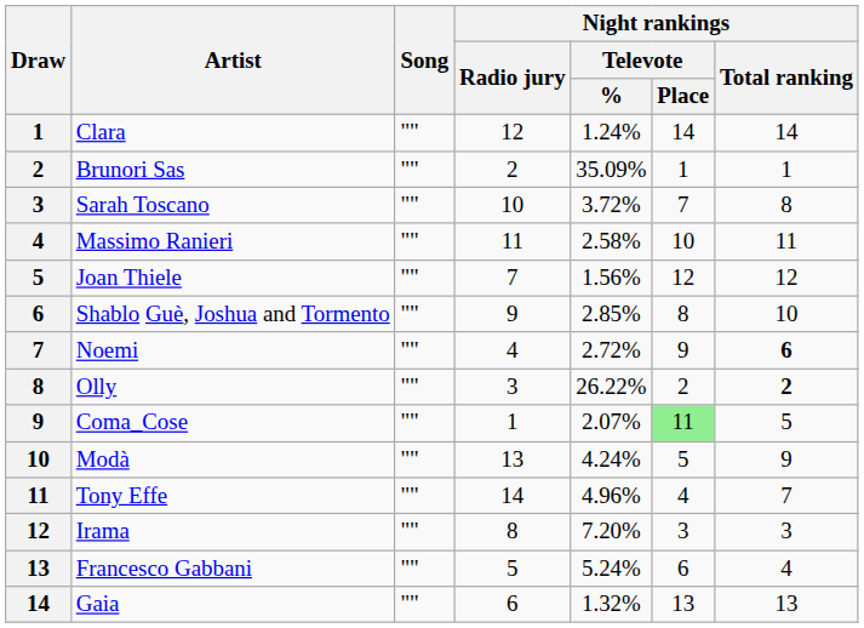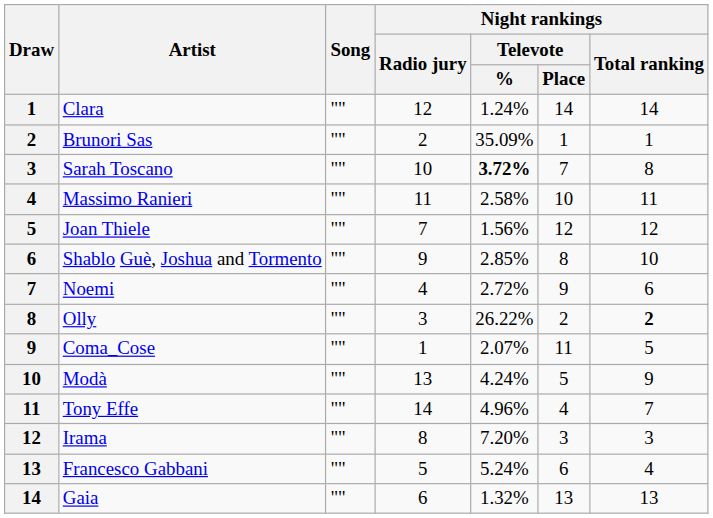 <table class="wikitable sortable plainrowheaders" style="text-align:center">
 <tr>
 <th rowspan="3">Draw</th>
 <th rowspan="3">Artist</th>
 <th rowspan="3">Song</th>
 <th colspan="4" class="unsortable">Night rankings</th>
 </tr>
 <tr>
 <th rowspan="2">Radio jury</th>
 <th colspan="2">Televote</th>
 <th rowspan="2">Total ranking</th>
 </tr>
 <tr>
 <th>%</th>
 <th>Place</th>
 </tr>
 <tr>
 <th scope="row" style="text-align:center">1</th>
 <td align="left"><a href='#'>Clara</a></td>
 <td align="left">""</td>
 <td>12</td>
 <td>1.24%</td>
 <td>14</td>
 <td>14</td>
 </tr>
 <tr>
 <th scope="row" style="text-align:center">2</th>
 <td align="left"><a href='#'>Brunori Sas</a></td>
 <td align="left">""</td>
 <td>2</td>
 <td>35.09%</td>
 <td>1</td>
 <td>1</td>
 </tr>
 <tr>
 <th scope="row" style="text-align:center">3</th>
 <td align="left"><a href='#'>Sarah Toscano</a></td>
 <td align="left">""</td>
 <td>10</td>
-<td>3.72%</td>
+<td><strong>3.72%</strong></td>
 <td>7</td>
 <td>8</td>
 </tr>
 <tr>
 <th scope="row" style="text-align:center">4</th>
 <td align="left"><a href='#'>Massimo Ranieri</a></td>
 <td align="left">""</td>
 <td>11</td>
 <td>2.58%</td>
 <td>10</td>
 <td>11</td>
 </tr>
 <tr>
 <th scope="row" style="text-align:center">5</th>
 <td align="left"><a href='#'>Joan Thiele</a></td>
 <td align="left">""</td>
 <td>7</td>
 <td>1.56%</td>
 <td>12</td>
 <td>12</td>
 </tr>
 <tr>
 <th scope="row" style="text-align:center">6</th>
 <td align="left"><a href='#'>Shablo</a>  <a href='#'>Guè</a>, <a href='#'>Joshua</a> and <a href='#'>Tormento</a></td>
 <td align="left">""</td>
 <td>9</td>
 <td>2.85%</td>
 <td>8</td>
 <td>10</td>
 </tr>
 <tr>
 <th scope="row" style="text-align:center">7</th>
 <td align="left"><a href='#'>Noemi</a></td>
 <td align="left">""</td>
 <td>4</td>
 <td>2.72%</td>
 <td>9</td>
-<td><strong>6</strong></td>
+<td>6</td>
 </tr>
 <tr>
 <th scope="row" style="text-align:center">8</th>
 <td align="left"><a href='#'>Olly</a></td>
 <td align="left">""</td>
 <td>3</td>
 <td>26.22%</td>
 <td>2</td>
 <td><strong>2</strong></td>
 </tr>
 <tr>
 <th scope="row" style="text-align:center">9</th>
 <td align="left"><a href='#'>Coma_Cose</a></td>
 <td align="left">""</td>
 <td>1</td>
 <td>2.07%</td>
-<td style="background: lightgreen;">11</td>
+<td>11</td>
 <td>5</td>
 </tr>
 <tr>
 <th scope="row" style="text-align:center">10</th>
 <td align="left"><a href='#'>Modà</a></td>
 <td align="left">""</td>
 <td>13</td>
 <td>4.24%</td>
 <td>5</td>
 <td>9</td>
 </tr>
 <tr>
 <th scope="row" style="text-align:center">11</th>
 <td align="left"><a href='#'>Tony Effe</a></td>
 <td align="left">""</td>
 <td>14</td>
 <td>4.96%</td>
 <td>4</td>
 <td>7</td>
 </tr>
 <tr>
 <th scope="row" style="text-align:center">12</th>
 <td align="left"><a href='#'>Irama</a></td>
 <td align="left">""</td>
 <td>8</td>
 <td>7.20%</td>
 <td>3</td>
 <td>3</td>
 </tr>
 <tr>
 <th scope="row" style="text-align:center">13</th>
 <td align="left"><a href='#'>Francesco Gabbani</a></td>
 <td align="left">""</td>
 <td>5</td>
 <td>5.24%</td>
 <td>6</td>
 <td>4</td>
 </tr>
 <tr>
 <th scope="row" style="text-align:center">14</th>
 <td align="left"><a href='#'>Gaia</a></td>
 <td align="left">""</td>
 <td>6</td>
 <td>1.32%</td>
 <td>13</td>
 <td>13</td>
 </tr>
 </table>
